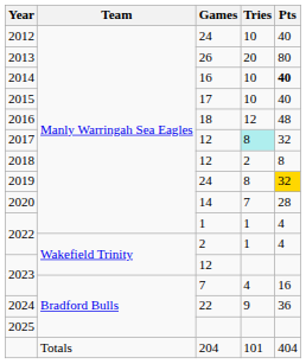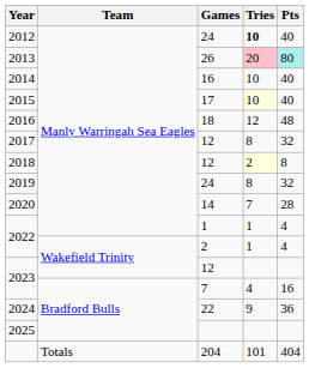 <table class="wikitable">
 <tr>
 <th>Year</th>
 <th>Team</th>
 <th>Games</th>
 <th>Tries</th>
 <th>Pts</th>
 </tr>
 <tr>
 <td>2012</td>
 <td rowspan="10"> <a href='#'>Manly Warringah Sea Eagles</a></td>
 <td>24</td>
-<td>10</td>
+<td><strong>10</strong></td>
 <td>40</td>
 </tr>
 <tr>
 <td>2013</td>
 <td>26</td>
-<td>20</td>
-<td>80</td>
+<td style="background: pink;">20</td>
+<td style="background: paleturquoise;">80</td>
 </tr>
 <tr>
 <td>2014</td>
 <td>16</td>
 <td>10</td>
-<td><strong>40</strong></td>
+<td>40</td>
 </tr>
 <tr>
 <td>2015</td>
 <td>17</td>
-<td>10</td>
+<td style="background: lightyellow;">10</td>
 <td>40</td>
 </tr>
 <tr>
 <td>2016</td>
 <td>18</td>
 <td>12</td>
 <td>48</td>
 </tr>
 <tr>
 <td>2017</td>
 <td>12</td>
-<td style="background: paleturquoise;">8</td>
+<td>8</td>
 <td>32</td>
 </tr>
 <tr>
 <td>2018</td>
 <td>12</td>
-<td>2</td>
+<td style="background: lightyellow;">2</td>
 <td>8</td>
 </tr>
 <tr>
 <td>2019</td>
 <td>24</td>
 <td>8</td>
-<td style="background: gold;">32</td>
+<td>32</td>
 </tr>
 <tr>
 <td>2020</td>
 <td>14</td>
 <td>7</td>
 <td>28</td>
 </tr>
 <tr>
 <td rowspan="2">2022</td>
 <td>1</td>
 <td>1</td>
 <td>4</td>
 </tr>
 <tr>
 <td rowspan="2"> <a href='#'>Wakefield Trinity</a></td>
 <td>2</td>
 <td>1</td>
 <td>4</td>
 </tr>
 <tr>
 <td rowspan="2">2023</td>
 <td>12</td>
 <td></td>
 <td></td>
 </tr>
 <tr>
 <td rowspan="3"> <a href='#'>Bradford Bulls</a></td>
 <td>7</td>
 <td>4</td>
 <td>16</td>
 </tr>
 <tr>
 <td>2024</td>
 <td>22</td>
 <td>9</td>
 <td>36</td>
 </tr>
 <tr>
 <td>2025</td>
 <td></td>
 <td></td>
 <td></td>
 </tr>
 <tr>
 <td></td>
 <td>Totals</td>
 <td>204</td>
 <td>101</td>
 <td>404</td>
 </tr>
 </table>
